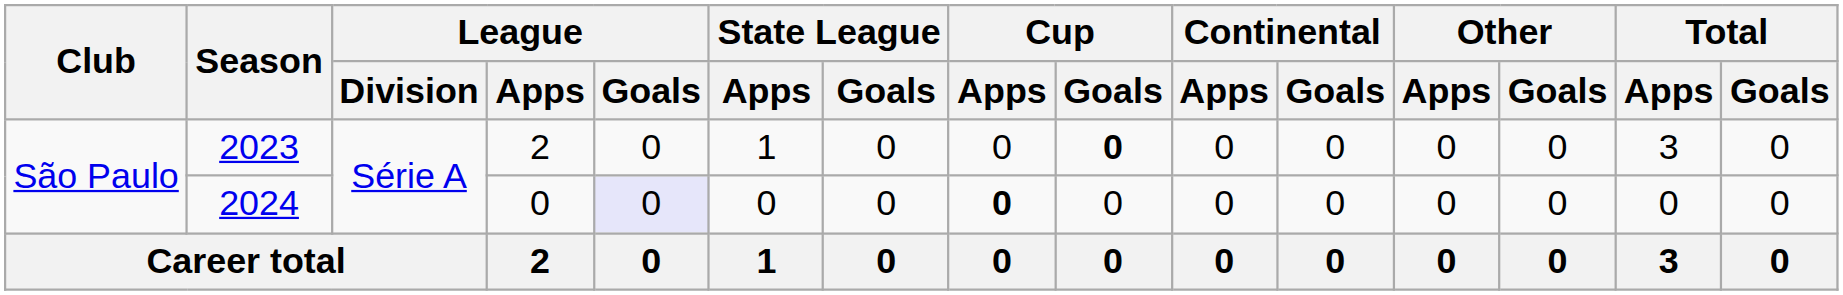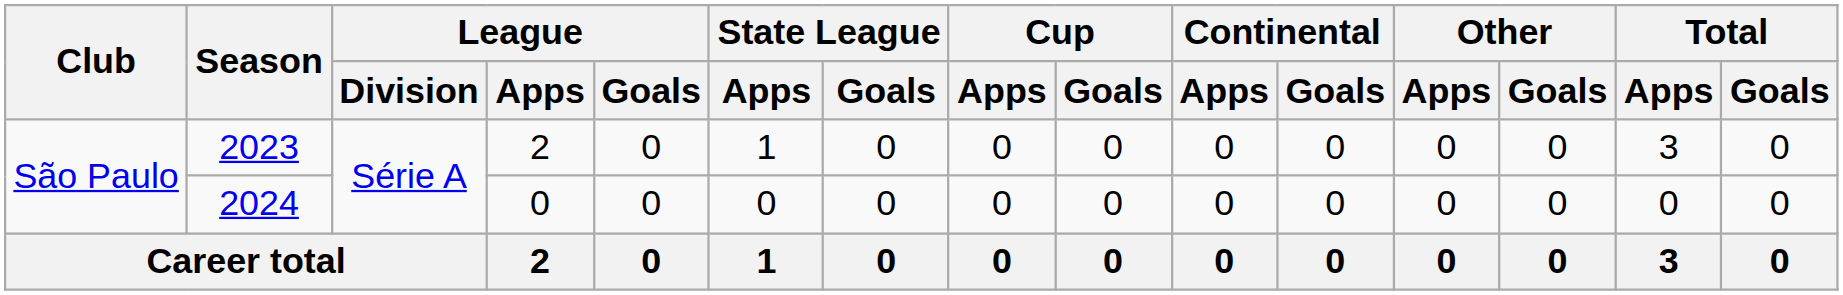 <table class="wikitable" style="text-align: center">
 <tr>
 <th rowspan="2">Club</th>
 <th rowspan="2">Season</th>
 <th colspan="3">League</th>
 <th colspan="2">State League</th>
 <th colspan="2">Cup</th>
 <th colspan="2">Continental</th>
 <th colspan="2">Other</th>
 <th colspan="2">Total</th>
 </tr>
 <tr>
 <th>Division</th>
 <th>Apps</th>
 <th>Goals</th>
 <th>Apps</th>
 <th>Goals</th>
 <th>Apps</th>
 <th>Goals</th>
 <th>Apps</th>
 <th>Goals</th>
 <th>Apps</th>
 <th>Goals</th>
 <th>Apps</th>
 <th>Goals</th>
 </tr>
 <tr>
 <td rowspan="2"><a href='#'>São Paulo</a></td>
 <td><a href='#'>2023</a></td>
 <td rowspan="2"><a href='#'>Série A</a></td>
 <td>2</td>
 <td>0</td>
 <td>1</td>
 <td>0</td>
 <td>0</td>
-<td><strong>0</strong></td>
+<td>0</td>
 <td>0</td>
 <td>0</td>
 <td>0</td>
 <td>0</td>
 <td>3</td>
 <td>0</td>
 </tr>
 <tr>
 <td><a href='#'>2024</a></td>
 <td>0</td>
-<td style="background: lavender;">0</td>
 <td>0</td>
 <td>0</td>
-<td><strong>0</strong></td>
+<td>0</td>
+<td>0</td>
 <td>0</td>
 <td>0</td>
 <td>0</td>
 <td>0</td>
 <td>0</td>
 <td>0</td>
 <td>0</td>
 </tr>
 <tr>
 <th colspan="3"><strong>Career total</strong></th>
 <th>2</th>
 <th>0</th>
 <th>1</th>
 <th>0</th>
 <th>0</th>
 <th>0</th>
 <th>0</th>
 <th>0</th>
 <th>0</th>
 <th>0</th>
 <th>3</th>
 <th>0</th>
 </tr>
 </table>
